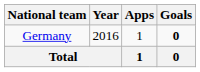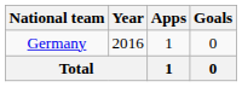 <table class="wikitable" style="text-align:center">
 <tr>
 <th>National team</th>
 <th>Year</th>
 <th>Apps</th>
 <th>Goals</th>
 </tr>
 <tr>
 <td><a href='#'>Germany</a></td>
 <td>2016</td>
 <td>1</td>
-<td><strong>0</strong></td>
+<td>0</td>
 </tr>
 <tr>
 <th colspan="2">Total</th>
 <th>1</th>
 <th>0</th>
 </tr>
 </table>
